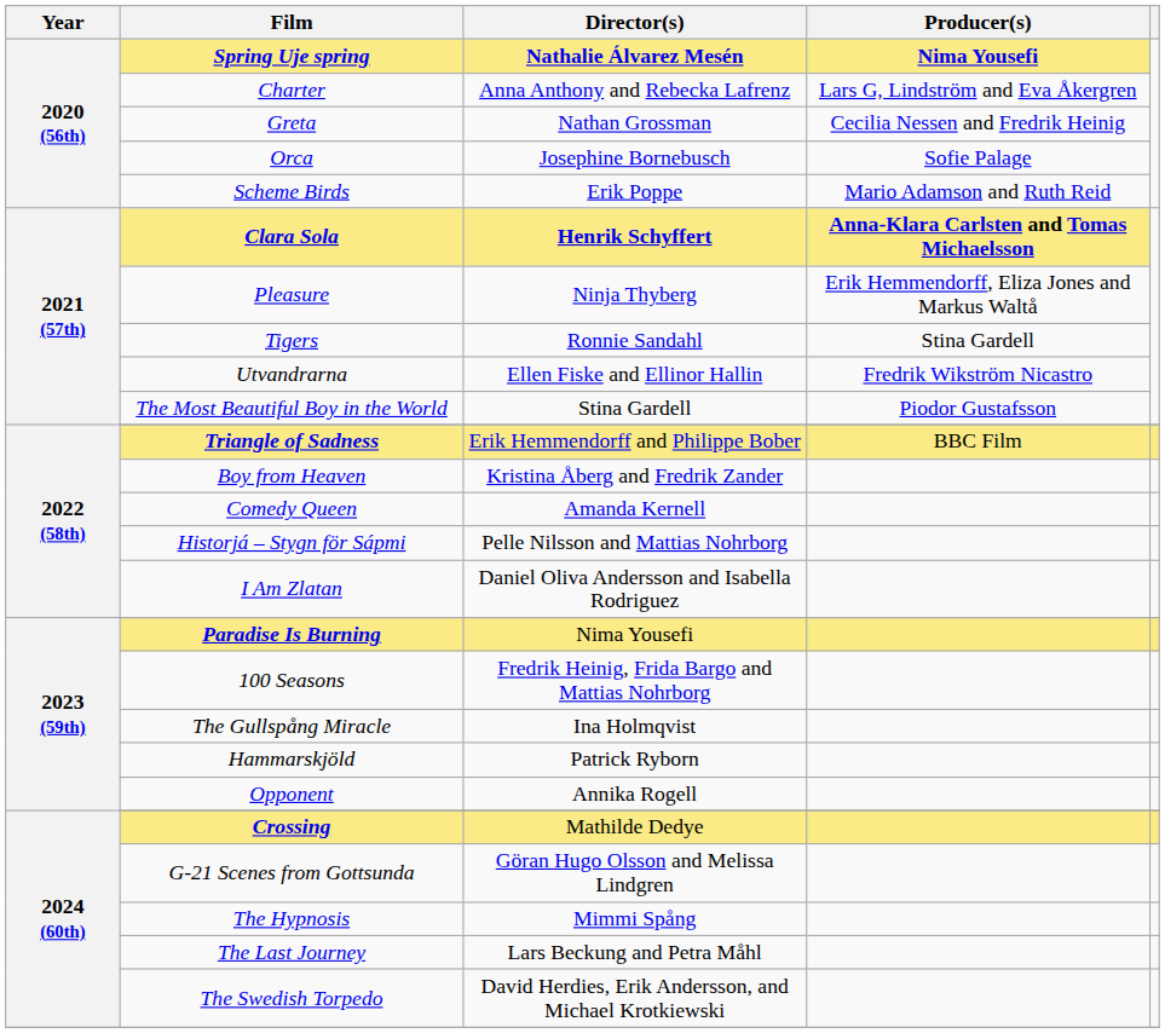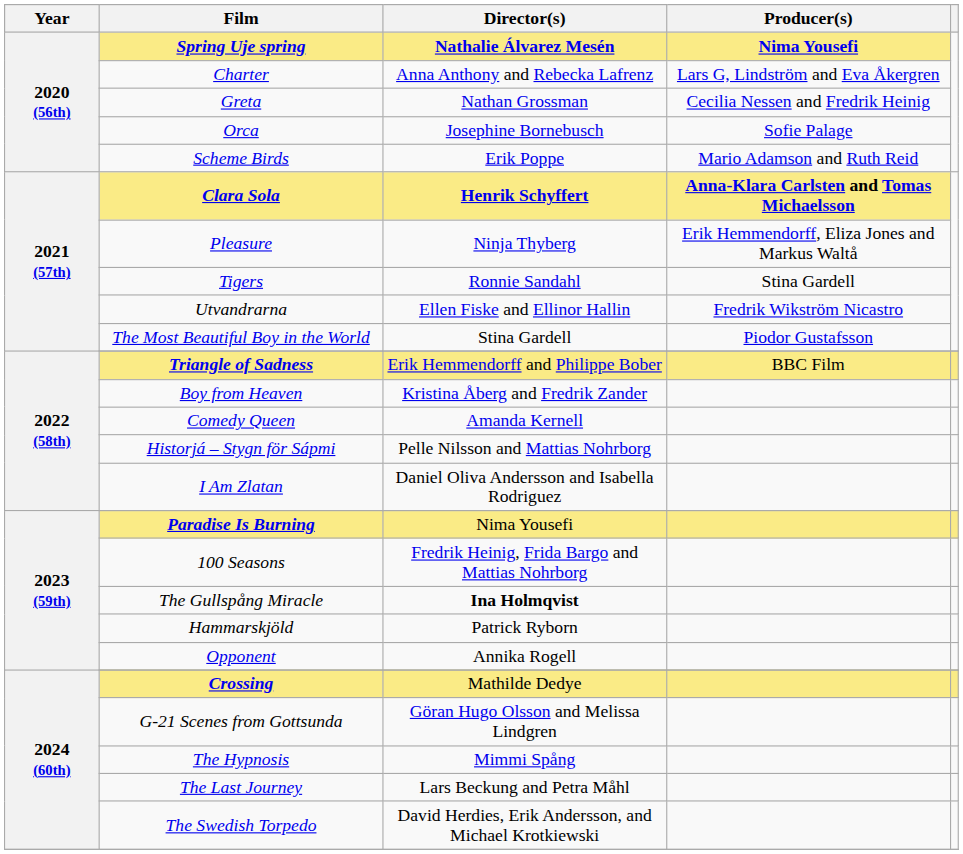 <table class="wikitable" style="text-align:center;">
 <tr style="background:#bebebe;">
 <th style="width:10%;">Year</th>
 <th style="width:30%;">Film</th>
 <th style="width:30%;">Director(s)</th>
 <th style="width:30%;">Producer(s)</th>
 <th scope="col" style="width:2%;" class="unsortable"></th>
 </tr>
 <tr>
 <th scope="row" rowspan=5 style="text-align:center"><strong>2020</strong><br><small><a href='#'>(56th)</a></small></th>
 <td style="background:#FAEB86"><strong><em><a href='#'>Spring Uje spring</a></em></strong></td>
 <td style="background:#FAEB86"><strong><a href='#'>Nathalie Álvarez Mesén</a></strong></td>
 <td style="background:#FAEB86"><strong><a href='#'>Nima Yousefi</a></strong></td>
 <td rowspan="5"></td>
 </tr>
 <tr>
 <td><em><a href='#'>Charter</a></em></td>
 <td><a href='#'>Anna Anthony</a> and <a href='#'>Rebecka Lafrenz</a></td>
 <td><a href='#'>Lars G, Lindström</a> and <a href='#'>Eva Åkergren</a></td>
 </tr>
 <tr>
 <td><em><a href='#'>Greta</a></em></td>
 <td><a href='#'>Nathan Grossman</a></td>
 <td><a href='#'>Cecilia Nessen</a> and <a href='#'>Fredrik Heinig</a></td>
 </tr>
 <tr>
 <td><em><a href='#'>Orca</a></em></td>
 <td><a href='#'>Josephine Bornebusch</a></td>
 <td><a href='#'>Sofie Palage</a></td>
 </tr>
 <tr>
 <td><em><a href='#'>Scheme Birds</a></em></td>
 <td><a href='#'>Erik Poppe</a></td>
 <td><a href='#'>Mario Adamson</a> and <a href='#'>Ruth Reid</a></td>
 </tr>
 <tr>
 <th scope="row" rowspan=5 style="text-align:center"><strong>2021</strong><br><small><a href='#'>(57th)</a></small></th>
 <td style="background:#FAEB86"><strong><em><a href='#'>Clara Sola</a></em></strong></td>
 <td style="background:#FAEB86"><strong><a href='#'>Henrik Schyffert</a></strong></td>
 <td style="background:#FAEB86"><strong><a href='#'>Anna-Klara Carlsten</a> and <a href='#'>Tomas Michaelsson</a></strong></td>
 <td rowspan="5"></td>
 </tr>
 <tr>
 <td><em><a href='#'>Pleasure</a></em></td>
 <td><a href='#'>Ninja Thyberg</a></td>
 <td><a href='#'>Erik Hemmendorff</a>, Eliza Jones and Markus Waltå</td>
 </tr>
 <tr>
 <td><em><a href='#'>Tigers</a></em></td>
 <td><a href='#'>Ronnie Sandahl</a></td>
 <td>Stina Gardell</td>
 </tr>
 <tr>
 <td><em>Utvandrarna</em></td>
 <td><a href='#'>Ellen Fiske</a> and <a href='#'>Ellinor Hallin</a></td>
 <td><a href='#'>Fredrik Wikström Nicastro</a></td>
 </tr>
 <tr>
 <td><em><a href='#'>The Most Beautiful Boy in the World</a></em></td>
 <td>Stina Gardell</td>
 <td><a href='#'>Piodor Gustafsson</a></td>
 </tr>
 <tr>
 <th scope="row" rowspan=6 style="text-align:center"><strong>2022</strong><br><small><a href='#'>(58th)</a></small></th>
 </tr>
 <tr style="background:#FAEB86">
 <td><strong><em><a href='#'>Triangle of Sadness</a></em></strong></td>
 <td><a href='#'>Erik Hemmendorff</a> and <a href='#'>Philippe Bober</a></td>
 <td>BBC Film</td>
 <td></td>
 </tr>
 <tr>
 <td><em><a href='#'>Boy from Heaven</a></em></td>
 <td><a href='#'>Kristina Åberg</a> and <a href='#'>Fredrik Zander</a></td>
 <td></td>
 <td></td>
 </tr>
 <tr>
 <td><em><a href='#'>Comedy Queen</a></em></td>
 <td><a href='#'>Amanda Kernell</a></td>
 <td></td>
 <td></td>
 </tr>
 <tr>
 <td><em><a href='#'>Historjá – Stygn för Sápmi</a></em></td>
 <td>Pelle Nilsson and <a href='#'>Mattias Nohrborg</a></td>
 <td></td>
 <td></td>
 </tr>
 <tr>
 <td><em><a href='#'>I Am Zlatan</a></em></td>
 <td>Daniel Oliva Andersson and Isabella Rodriguez</td>
 <td></td>
 <td></td>
 </tr>
 <tr>
 <th scope="row" rowspan=6 style="text-align:center"><strong>2023</strong><br><small><a href='#'>(59th)</a></small></th>
 </tr>
 <tr style="background:#FAEB86">
 <td><strong><em><a href='#'>Paradise Is Burning</a></em></strong></td>
 <td>Nima Yousefi</td>
 <td></td>
 <td></td>
 </tr>
 <tr>
 <td><em>100 Seasons</em></td>
 <td><a href='#'>Fredrik Heinig</a>, <a href='#'>Frida Bargo</a> and <a href='#'>Mattias Nohrborg</a></td>
 <td></td>
 <td></td>
 </tr>
 <tr>
 <td><em>The Gullspång Miracle</em></td>
-<td>Ina Holmqvist</td>
+<td><strong>Ina Holmqvist</strong></td>
 <td></td>
 <td></td>
 </tr>
 <tr>
 <td><em>Hammarskjöld</em></td>
 <td>Patrick Ryborn</td>
 <td></td>
 <td></td>
 </tr>
 <tr>
 <td><em><a href='#'>Opponent</a></em></td>
 <td>Annika Rogell</td>
 <td></td>
 <td></td>
 </tr>
 <tr>
 <th scope="row" rowspan=6 style="text-align:center"><strong>2024</strong><br><small><a href='#'>(60th)</a></small></th>
 </tr>
 <tr style="background:#FAEB86">
 <td><strong><em><a href='#'>Crossing</a></em></strong></td>
 <td>Mathilde Dedye</td>
 <td></td>
 <td></td>
 </tr>
 <tr>
 <td><em>G-21 Scenes from Gottsunda</em></td>
 <td><a href='#'>Göran Hugo Olsson</a> and Melissa Lindgren</td>
 <td></td>
 <td></td>
 </tr>
 <tr>
 <td><em><a href='#'>The Hypnosis</a></em></td>
 <td><a href='#'>Mimmi Spång</a></td>
 <td></td>
 <td></td>
 </tr>
 <tr>
 <td><em><a href='#'>The Last Journey</a></em></td>
 <td>Lars Beckung and Petra Måhl</td>
 <td></td>
 <td></td>
 </tr>
 <tr>
 <td><em><a href='#'>The Swedish Torpedo</a></em></td>
 <td>David Herdies, Erik Andersson, and Michael Krotkiewski</td>
 <td></td>
 <td></td>
 </tr>
 <tr>
 </tr>
 </table>
